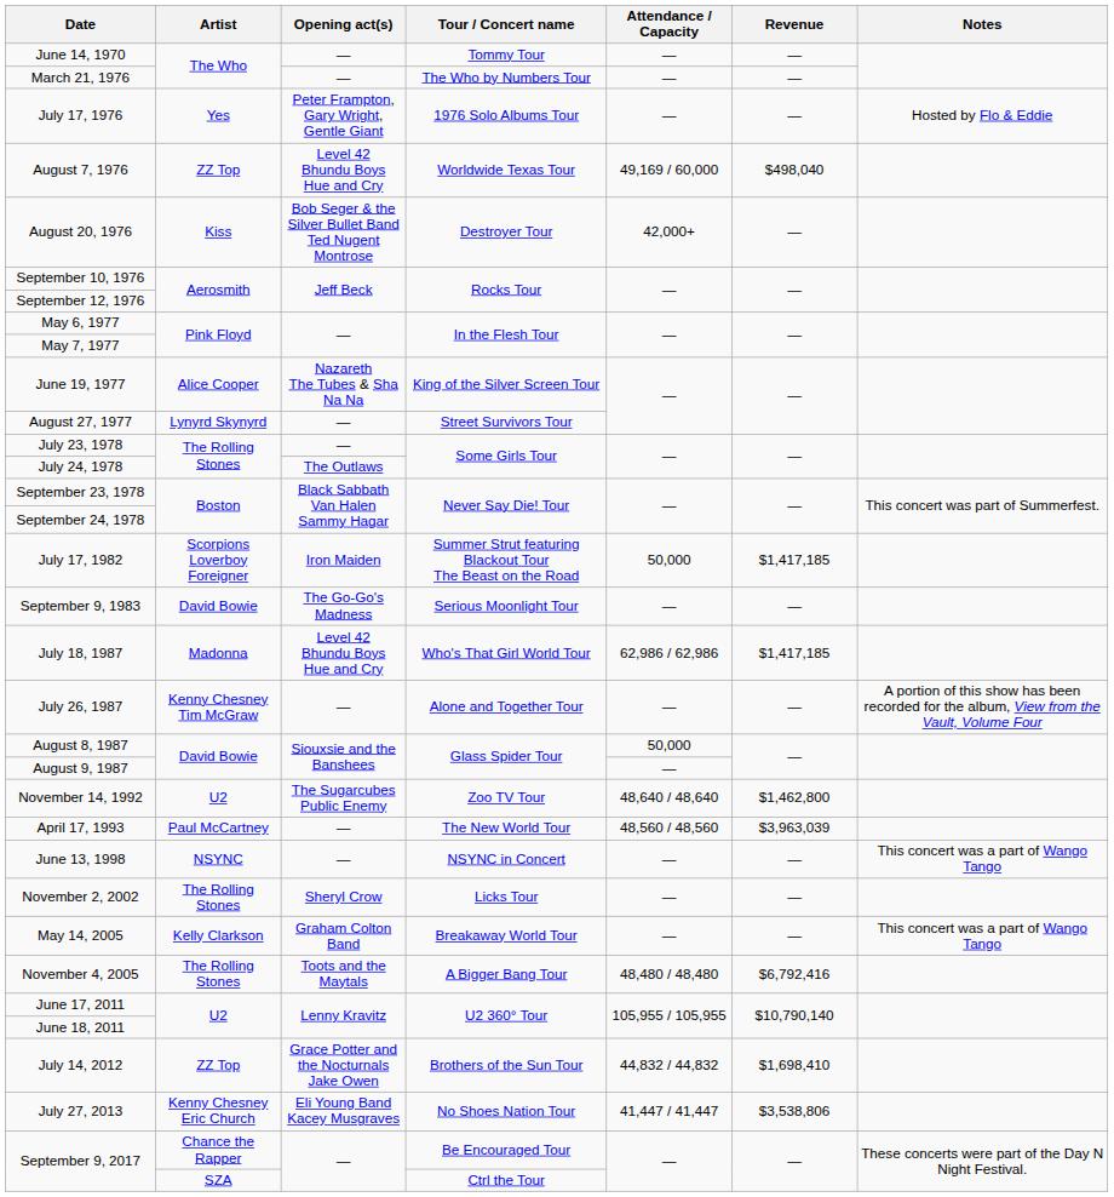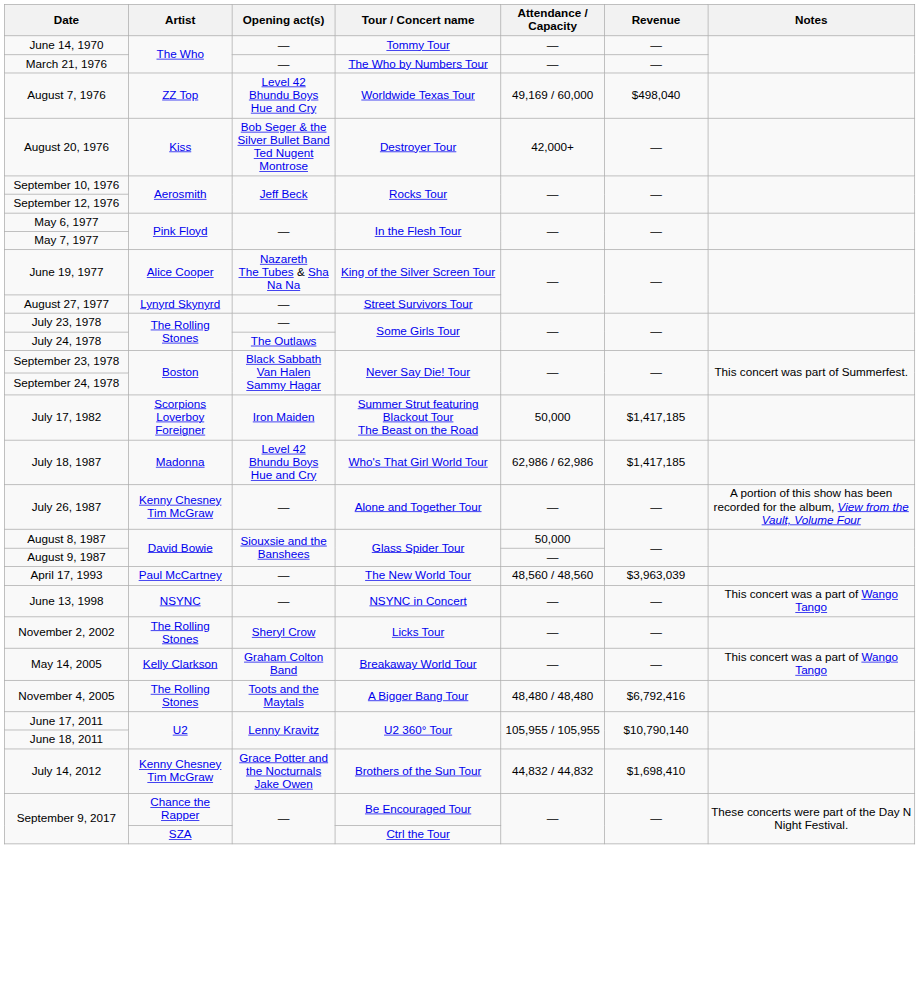 <table class="wikitable" style="text-align:center;">
 <tr>
 <th width=12% style="text-align:center;">Date</th>
 <th width=10% style="text-align:center;">Artist</th>
 <th width=10% style="text-align:center;">Opening act(s)</th>
 <th width=16% style="text-align:center;">Tour / Concert name</th>
 <th width=10% style="text-align:center;">Attendance / Capacity</th>
 <th width=10% style="text-align:center;">Revenue</th>
 <th width=20% style="text-align:center;">Notes</th>
 </tr>
 <tr>
 <td>June 14, 1970</td>
 <td rowspan=2><a href='#'>The Who</a></td>
 <td>—</td>
 <td><a href='#'>Tommy Tour</a></td>
 <td>—</td>
 <td>—</td>
 <td rowspan=2></td>
 </tr>
 <tr September 8, 1972 || >
 <td>March 21, 1976</td>
 <td>—</td>
 <td><a href='#'>The Who by Numbers Tour</a></td>
 <td>—</td>
 <td>—</td>
-</tr>
-<tr>
-<td>July 17, 1976</td>
-<td><a href='#'>Yes</a></td>
-<td><a href='#'>Peter Frampton</a>, <a href='#'>Gary Wright</a>, <a href='#'>Gentle Giant</a></td>
-<td><a href='#'>1976 Solo Albums Tour</a></td>
-<td>—</td>
-<td>—</td>
-<td>Hosted by <a href='#'>Flo & Eddie</a></td>
 </tr>
 <tr>
 <td>August 7, 1976</td>
 <td><a href='#'>ZZ Top</a></td>
 <td><a href='#'>Level 42</a><br><a href='#'>Bhundu Boys</a><br><a href='#'>Hue and Cry</a></td>
 <td><a href='#'>Worldwide Texas Tour</a></td>
 <td>49,169 / 60,000</td>
 <td>$498,040</td>
 <td></td>
 </tr>
 <tr>
 <td>August 20, 1976</td>
 <td><a href='#'>Kiss</a></td>
 <td><a href='#'>Bob Seger & the Silver Bullet Band</a><br><a href='#'>Ted Nugent</a><br><a href='#'>Montrose</a></td>
 <td><a href='#'>Destroyer Tour</a></td>
 <td>42,000+</td>
 <td>—</td>
 <td></td>
 </tr>
 <tr>
 <td>September 10, 1976</td>
 <td rowspan=2><a href='#'>Aerosmith</a></td>
 <td rowspan=2><a href='#'>Jeff Beck</a></td>
 <td rowspan=2><a href='#'>Rocks Tour</a></td>
 <td rowspan=2>—</td>
 <td rowspan=2>—</td>
 <td rowspan=2></td>
 </tr>
 <tr>
 <td>September 12, 1976</td>
 </tr>
 <tr>
 <td>May 6, 1977</td>
 <td rowspan=2><a href='#'>Pink Floyd</a></td>
 <td rowspan=2>—</td>
 <td rowspan=2><a href='#'>In the Flesh Tour</a></td>
 <td rowspan=2>—</td>
 <td rowspan=2>—</td>
 <td rowspan=2></td>
 </tr>
 <tr>
 <td>May 7, 1977</td>
 </tr>
 <tr>
 <td>June 19, 1977</td>
 <td><a href='#'>Alice Cooper</a></td>
 <td><a href='#'>Nazareth</a><br><a href='#'>The Tubes</a> & <a href='#'>Sha Na Na</a></td>
 <td><a href='#'>King of the Silver Screen Tour</a></td>
 <td rowspan=2>—</td>
 <td rowspan=2>—</td>
 <td rowspan=2></td>
 </tr>
 <tr>
 <td>August 27, 1977</td>
 <td><a href='#'>Lynyrd Skynyrd</a></td>
 <td>—</td>
 <td><a href='#'>Street Survivors Tour</a></td>
 </tr>
 <tr>
 <td>July 23, 1978</td>
 <td rowspan=2><a href='#'>The Rolling Stones</a></td>
 <td>—</td>
 <td rowspan=2><a href='#'>Some Girls Tour</a></td>
 <td rowspan=2>—</td>
 <td rowspan=2>—</td>
 <td rowspan=2></td>
 </tr>
 <tr>
 <td>July 24, 1978</td>
 <td><a href='#'>The Outlaws</a></td>
 </tr>
 <tr>
 <td>September 23, 1978</td>
 <td rowspan=2><a href='#'>Boston</a></td>
 <td rowspan="2"><a href='#'>Black Sabbath</a><br><a href='#'>Van Halen</a><br><a href='#'>Sammy Hagar</a></td>
 <td rowspan="2"><a href='#'>Never Say Die! Tour</a></td>
 <td rowspan=2>—</td>
 <td rowspan=2>—</td>
 <td rowspan=2>This concert was part of Summerfest.</td>
 </tr>
 <tr>
 <td>September 24, 1978</td>
 </tr>
 <tr>
 <td>July 17, 1982</td>
 <td><a href='#'>Scorpions</a><br><a href='#'>Loverboy</a><br><a href='#'>Foreigner</a></td>
 <td><a href='#'>Iron Maiden</a></td>
 <td><a href='#'>Summer Strut featuring Blackout Tour</a><br><a href='#'>The Beast on the Road</a></td>
 <td>50,000</td>
 <td>$1,417,185</td>
 <td></td>
 </tr>
 <tr>
-<td>September 9, 1983</td>
-<td><a href='#'>David Bowie</a></td>
-<td><a href='#'>The Go-Go's</a><br><a href='#'>Madness</a></td>
-<td><a href='#'>Serious Moonlight Tour</a></td>
-<td>—</td>
-<td>—</td>
-<td></td>
-</tr>
-<tr>
 <td>July 18, 1987</td>
 <td><a href='#'>Madonna</a></td>
 <td><a href='#'>Level 42</a><br><a href='#'>Bhundu Boys</a><br><a href='#'>Hue and Cry</a></td>
 <td><a href='#'>Who's That Girl World Tour</a></td>
 <td>62,986 / 62,986</td>
 <td>$1,417,185</td>
 <td></td>
 </tr>
 <tr>
 <td>July 26, 1987</td>
 <td><a href='#'>Kenny Chesney</a><br><a href='#'>Tim McGraw</a></td>
 <td>—</td>
 <td><a href='#'>Alone and Together Tour</a></td>
 <td>—</td>
 <td>—</td>
 <td>A portion of this show has been recorded for the album, <em><a href='#'>View from the Vault, Volume Four</a></em></td>
 </tr>
 <tr>
 <td>August 8, 1987</td>
 <td rowspan=2><a href='#'>David Bowie</a></td>
 <td rowspan=2><a href='#'>Siouxsie and the Banshees</a></td>
 <td rowspan=2><a href='#'>Glass Spider Tour</a></td>
 <td>50,000</td>
 <td rowspan=2>—</td>
 <td rowspan=2></td>
 </tr>
 <tr>
 <td>August 9, 1987</td>
 <td>—</td>
-</tr>
-<tr>
-<td>November 14, 1992</td>
-<td><a href='#'>U2</a></td>
-<td><a href='#'>The Sugarcubes</a><br><a href='#'>Public Enemy</a></td>
-<td><a href='#'>Zoo TV Tour</a></td>
-<td>48,640 / 48,640</td>
-<td>$1,462,800</td>
-<td></td>
 </tr>
 <tr>
 <td>April 17, 1993</td>
 <td><a href='#'>Paul McCartney</a></td>
 <td>—</td>
 <td><a href='#'>The New World Tour</a></td>
 <td>48,560 / 48,560</td>
 <td>$3,963,039</td>
 <td></td>
 </tr>
 <tr>
 <td>June 13, 1998</td>
 <td><a href='#'>NSYNC</a></td>
 <td>—</td>
 <td><a href='#'>NSYNC in Concert</a></td>
 <td>—</td>
 <td>—</td>
 <td>This concert was a part of <a href='#'>Wango Tango</a></td>
 </tr>
 <tr>
 <td>November 2, 2002</td>
 <td><a href='#'>The Rolling Stones</a></td>
 <td><a href='#'>Sheryl Crow</a></td>
 <td><a href='#'>Licks Tour</a></td>
 <td>—</td>
 <td>—</td>
 <td></td>
 </tr>
 <tr>
 <td>May 14, 2005</td>
 <td><a href='#'>Kelly Clarkson</a></td>
 <td><a href='#'>Graham Colton Band</a></td>
 <td><a href='#'>Breakaway World Tour</a></td>
 <td>—</td>
 <td>—</td>
 <td>This concert was a part of <a href='#'>Wango Tango</a></td>
 </tr>
 <tr>
 <td>November 4, 2005</td>
 <td><a href='#'>The Rolling Stones</a></td>
 <td><a href='#'>Toots and the Maytals</a></td>
 <td><a href='#'>A Bigger Bang Tour</a></td>
 <td>48,480 / 48,480</td>
 <td>$6,792,416</td>
 <td></td>
 </tr>
 <tr>
 <td>June 17, 2011</td>
 <td rowspan=2><a href='#'>U2</a></td>
 <td rowspan=2><a href='#'>Lenny Kravitz</a></td>
 <td rowspan=2><a href='#'>U2 360° Tour</a></td>
 <td rowspan=2>105,955 / 105,955</td>
 <td rowspan=2>$10,790,140</td>
 <td rowspan=2></td>
 </tr>
 <tr>
 <td>June 18, 2011</td>
 </tr>
 <tr>
 <td>July 14, 2012</td>
-<td><a href='#'>ZZ Top</a></td>
+<td><a href='#'>Kenny Chesney</a><br><a href='#'>Tim McGraw</a></td>
 <td><a href='#'>Grace Potter and the Nocturnals</a><br><a href='#'>Jake Owen</a></td>
 <td><a href='#'>Brothers of the Sun Tour</a></td>
 <td>44,832 / 44,832</td>
 <td>$1,698,410</td>
-<td></td>
-</tr>
-<tr>
-<td>July 27, 2013</td>
-<td><a href='#'>Kenny Chesney</a><br><a href='#'>Eric Church</a></td>
-<td><a href='#'>Eli Young Band</a><br><a href='#'>Kacey Musgraves</a></td>
-<td><a href='#'>No Shoes Nation Tour</a></td>
-<td>41,447 / 41,447</td>
-<td>$3,538,806</td>
 <td></td>
 </tr>
 <tr>
 <td rowspan=2>September 9, 2017</td>
 <td><a href='#'>Chance the Rapper</a></td>
 <td rowspan=2>—</td>
 <td><a href='#'>Be Encouraged Tour</a></td>
 <td rowspan=2>—</td>
 <td rowspan=2>—</td>
 <td rowspan=2>These concerts were part of the Day N Night Festival.</td>
 </tr>
 <tr>
 <td><a href='#'>SZA</a></td>
 <td><a href='#'>Ctrl the Tour</a></td>
 </tr>
 </table>
